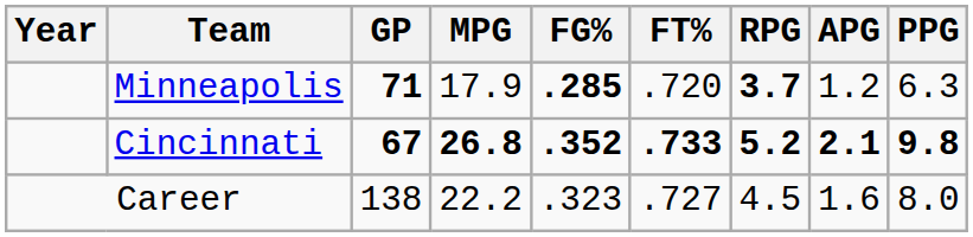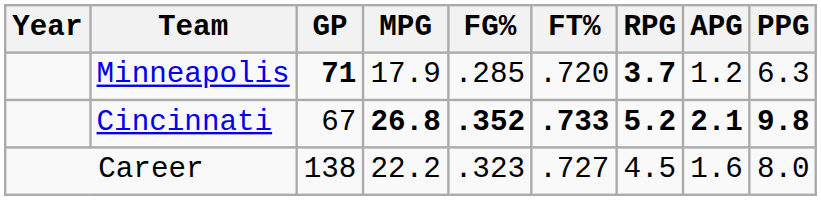 <table class="wikitable sortable" style="font-size:95%; text-align:right;">
 <tr>
 <th>Year</th>
 <th>Team</th>
 <th>GP</th>
 <th>MPG</th>
 <th>FG%</th>
 <th>FT%</th>
 <th>RPG</th>
 <th>APG</th>
 <th>PPG</th>
 </tr>
 <tr>
 <td style="text-align:left;"></td>
 <td style="text-align:left;"><a href='#'>Minneapolis</a></td>
 <td><strong>71</strong></td>
 <td>17.9</td>
-<td><strong>.285</strong></td>
+<td>.285</td>
 <td>.720</td>
 <td><strong>3.7</strong></td>
 <td>1.2</td>
 <td>6.3</td>
 </tr>
 <tr>
 <td style="text-align:left;"></td>
 <td style="text-align:left;"><a href='#'>Cincinnati</a></td>
-<td><strong>67</strong></td>
+<td>67</td>
 <td><strong>26.8</strong></td>
 <td><strong>.352</strong></td>
 <td><strong>.733</strong></td>
 <td><strong>5.2</strong></td>
 <td><strong>2.1</strong></td>
 <td><strong>9.8</strong></td>
 </tr>
 <tr class="sortbottom">
 <td style="text-align:center;" colspan="2">Career</td>
 <td>138</td>
 <td>22.2</td>
 <td>.323</td>
 <td>.727</td>
 <td>4.5</td>
 <td>1.6</td>
 <td>8.0</td>
 </tr>
 </table>
